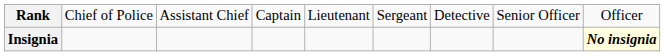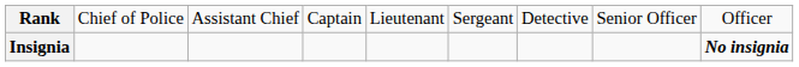 <table class="wikitable">
 <tr style="text-align:center;">
 <th>Rank</th>
 <td>Chief of Police</td>
 <td>Assistant Chief</td>
 <td>Captain</td>
 <td>Lieutenant</td>
 <td>Sergeant</td>
 <td>Detective</td>
 <td>Senior Officer</td>
 <td>Officer</td>
 </tr>
 <tr style="text-align:center;">
 <th>Insignia</th>
 <td></td>
 <td></td>
 <td></td>
 <td></td>
 <td></td>
 <td></td>
 <td></td>
-<td style="background: lightyellow;"><strong><em>No insignia</em></strong></td>
+<td><strong><em>No insignia</em></strong></td>
 </tr>
 </table>
